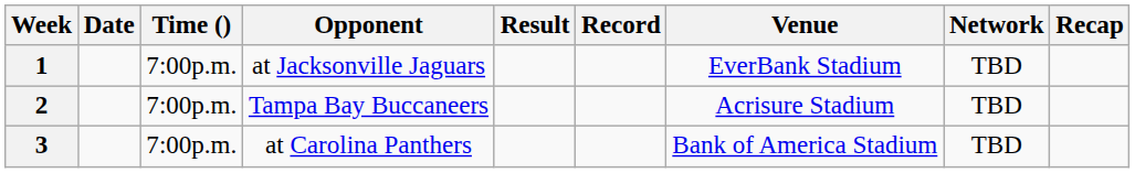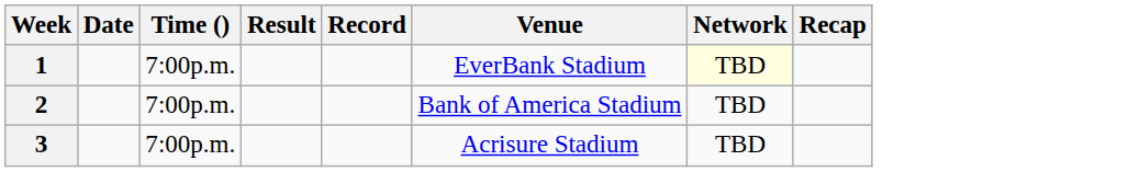 <table class="wikitable" style="text-align:center">
 <tr>
 <th>Week</th>
 <th>Date</th>
 <th>Time (<a href='#'></a>)</th>
-<th>Opponent</th>
 <th>Result</th>
 <th>Record</th>
 <th>Venue</th>
 <th>Network</th>
 <th>Recap</th>
 </tr>
 <tr>
 <th>1</th>
 <td></td>
 <td>7:00p.m.</td>
-<td>at <a href='#'>Jacksonville Jaguars</a></td>
 <td></td>
 <td></td>
 <td><a href='#'>EverBank Stadium</a></td>
-<td>TBD</td>
+<td style="background: lightyellow;">TBD</td>
 <td></td>
 </tr>
 <tr>
 <th>2</th>
 <td></td>
 <td>7:00p.m.</td>
-<td><a href='#'>Tampa Bay Buccaneers</a></td>
 <td></td>
 <td></td>
-<td><a href='#'>Acrisure Stadium</a></td>
+<td><a href='#'>Bank of America Stadium</a></td>
 <td>TBD</td>
 <td></td>
 </tr>
 <tr>
 <th>3</th>
 <td></td>
 <td>7:00p.m.</td>
-<td>at <a href='#'>Carolina Panthers</a></td>
 <td></td>
 <td></td>
-<td><a href='#'>Bank of America Stadium</a></td>
+<td><a href='#'>Acrisure Stadium</a></td>
 <td>TBD</td>
 <td></td>
 </tr>
 </table>
